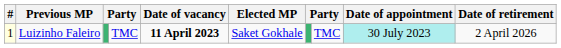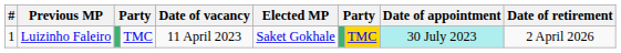 <table class="wikitable" style="text-align:center;">
 <tr>
 <th>#</th>
 <th>Previous MP</th>
 <th colspan="2">Party</th>
 <th>Date of vacancy</th>
 <th>Elected MP</th>
 <th colspan="2">Party</th>
 <th>Date of appointment</th>
 <th>Date of retirement</th>
 </tr>
 <tr>
-<td style="background: lightyellow;">1</td>
+<td>1</td>
 <td><a href='#'>Luizinho Faleiro</a></td>
 <td bgcolor=#3CB371></td>
 <td><a href='#'>TMC</a></td>
-<td><strong>11 April 2023</strong></td>
+<td>11 April 2023</td>
 <td><a href='#'>Saket Gokhale</a></td>
 <td bgcolor=#3CB371></td>
-<td><a href='#'>TMC</a></td>
+<td style="background: gold;"><a href='#'>TMC</a></td>
 <td style="background: paleturquoise;">30 July 2023</td>
 <td>2 April 2026</td>
 </tr>
 </table>
